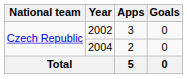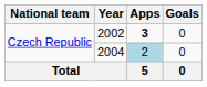 <table class="wikitable" style="text-align:center">
 <tr>
 <th>National team</th>
 <th>Year</th>
 <th>Apps</th>
 <th>Goals</th>
 </tr>
 <tr>
 <td rowspan="2"><a href='#'>Czech Republic</a></td>
 <td>2002</td>
-<td>3</td>
+<td><strong>3</strong></td>
 <td>0</td>
 </tr>
 <tr>
 <td>2004</td>
-<td>2</td>
+<td style="background: lightblue;">2</td>
 <td>0</td>
 </tr>
 <tr>
 <th colspan="2">Total</th>
 <th>5</th>
 <th>0</th>
 </tr>
 </table>
